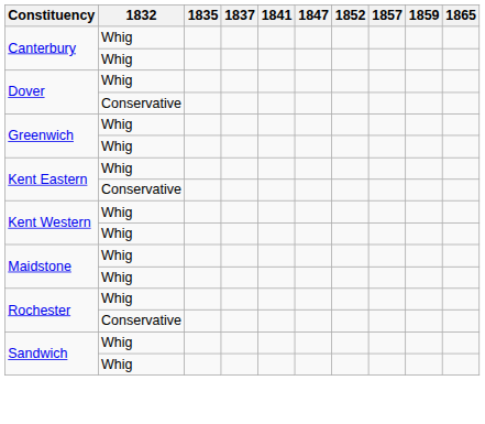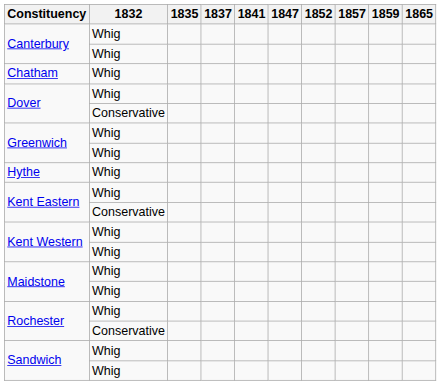 <table class=wikitable sortable>
 <tr>
 <th>Constituency</th>
 <th>1832</th>
 <th>1835</th>
 <th>1837</th>
 <th>1841</th>
 <th>1847</th>
 <th>1852</th>
 <th>1857</th>
 <th>1859</th>
 <th>1865</th>
 </tr>
 <tr>
 <td rowspan=2><a href='#'>Canterbury</a></td>
 <td bgcolor=>Whig</td>
 <td></td>
 <td></td>
 <td></td>
 <td></td>
 <td></td>
 <td></td>
 <td></td>
 <td></td>
 </tr>
 <tr>
+<td bgcolor=>Whig</td>
+<td></td>
+<td></td>
+<td></td>
+<td></td>
+<td></td>
+<td></td>
+<td></td>
+<td></td>
+</tr>
+<tr>
+<td><a href='#'>Chatham</a></td>
 <td bgcolor=>Whig</td>
 <td></td>
 <td></td>
 <td></td>
 <td></td>
 <td></td>
 <td></td>
 <td></td>
 <td></td>
 </tr>
 <tr>
 <td rowspan=2><a href='#'>Dover</a></td>
 <td bgcolor=>Whig</td>
 <td></td>
 <td></td>
 <td></td>
 <td></td>
 <td></td>
 <td></td>
 <td></td>
 <td></td>
 </tr>
 <tr>
 <td bgcolor=>Conservative</td>
 <td></td>
 <td></td>
 <td></td>
 <td></td>
 <td></td>
 <td></td>
 <td></td>
 <td></td>
 </tr>
 <tr>
 <td rowspan="2"><a href='#'>Greenwich</a></td>
 <td>Whig</td>
 <td></td>
 <td></td>
 <td></td>
 <td></td>
 <td></td>
 <td></td>
 <td></td>
 <td></td>
 </tr>
 <tr>
+<td>Whig</td>
+<td></td>
+<td></td>
+<td></td>
+<td></td>
+<td></td>
+<td></td>
+<td></td>
+<td></td>
+</tr>
+<tr>
+<td><a href='#'>Hythe</a></td>
 <td>Whig</td>
 <td></td>
 <td></td>
 <td></td>
 <td></td>
 <td></td>
 <td></td>
 <td></td>
 <td></td>
 </tr>
 <tr>
 <td rowspan="2"><a href='#'>Kent Eastern</a></td>
 <td>Whig</td>
 <td></td>
 <td></td>
 <td></td>
 <td></td>
 <td></td>
 <td></td>
 <td></td>
 <td></td>
 </tr>
 <tr>
 <td>Conservative</td>
 <td></td>
 <td></td>
 <td></td>
 <td></td>
 <td></td>
 <td></td>
 <td></td>
 <td></td>
 </tr>
 <tr>
 <td rowspan="2"><a href='#'>Kent Western</a></td>
 <td>Whig</td>
 <td></td>
 <td></td>
 <td></td>
 <td></td>
 <td></td>
 <td></td>
 <td></td>
 <td></td>
 </tr>
 <tr>
 <td>Whig</td>
 <td></td>
 <td></td>
 <td></td>
 <td></td>
 <td></td>
 <td></td>
 <td></td>
 <td></td>
 </tr>
 <tr>
 <td rowspan="2"><a href='#'>Maidstone</a></td>
 <td>Whig</td>
 <td></td>
 <td></td>
 <td></td>
 <td></td>
 <td></td>
 <td></td>
 <td></td>
 <td></td>
 </tr>
 <tr>
 <td>Whig</td>
 <td></td>
 <td></td>
 <td></td>
 <td></td>
 <td></td>
 <td></td>
 <td></td>
 <td></td>
 </tr>
 <tr>
 <td rowspan="2"><a href='#'>Rochester</a></td>
 <td>Whig</td>
 <td></td>
 <td></td>
 <td></td>
 <td></td>
 <td></td>
 <td></td>
 <td></td>
 <td></td>
 </tr>
 <tr>
 <td>Conservative</td>
 <td></td>
 <td></td>
 <td></td>
 <td></td>
 <td></td>
 <td></td>
 <td></td>
 <td></td>
 </tr>
 <tr>
 <td rowspan="2"><a href='#'>Sandwich</a></td>
 <td>Whig</td>
 <td></td>
 <td></td>
 <td></td>
 <td></td>
 <td></td>
 <td></td>
 <td></td>
 <td></td>
 </tr>
 <tr>
 <td>Whig</td>
 <td></td>
 <td></td>
 <td></td>
 <td></td>
 <td></td>
 <td></td>
 <td></td>
 <td></td>
 </tr>
 </table>
